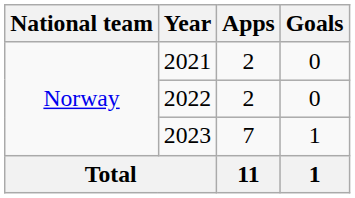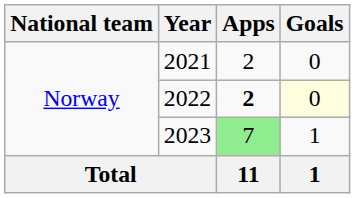 <table class="wikitable" style="text-align: center;">
 <tr>
 <th>National team</th>
 <th>Year</th>
 <th>Apps</th>
 <th>Goals</th>
 </tr>
 <tr>
 <td rowspan="3"><a href='#'>Norway</a></td>
 <td>2021</td>
 <td>2</td>
 <td>0</td>
 </tr>
 <tr>
 <td>2022</td>
-<td>2</td>
-<td>0</td>
+<td><strong>2</strong></td>
+<td style="background: lightyellow;">0</td>
 </tr>
 <tr>
 <td>2023</td>
-<td>7</td>
+<td style="background: lightgreen;">7</td>
 <td>1</td>
 </tr>
 <tr>
 <th colspan="2">Total</th>
 <th>11</th>
 <th>1</th>
 </tr>
 </table>
